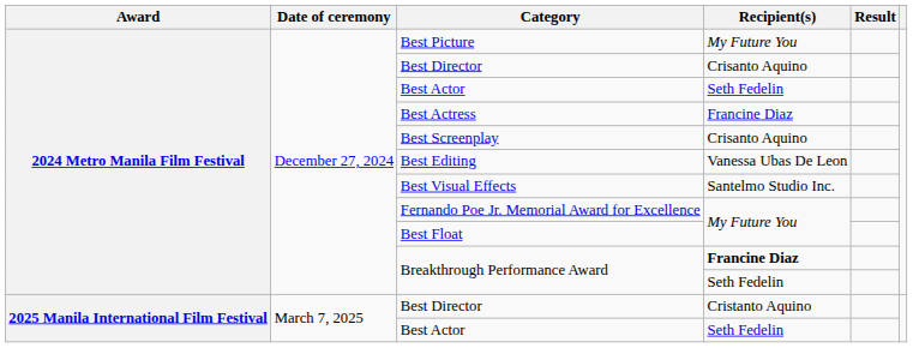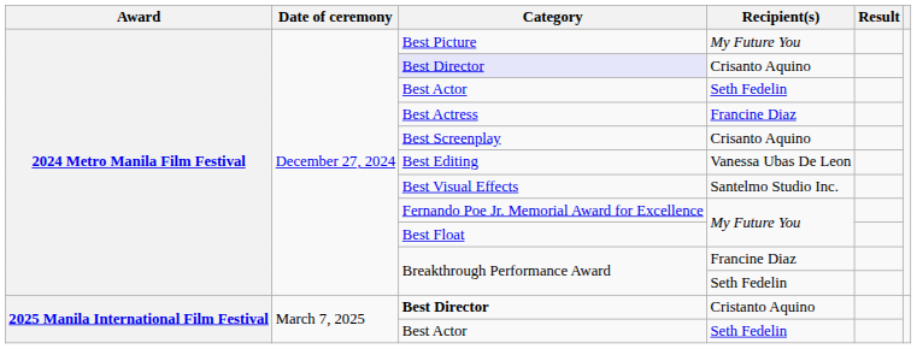 <table class="wikitable sortable plainrowheaders">
 <tr>
 <th scope="col">Award</th>
 <th scope="col" data-sort-type="date">Date of ceremony</th>
 <th scope="col">Category</th>
 <th scope="col">Recipient(s)</th>
 <th scope="col">Result</th>
 <th scope="col" class="unsortable"></th>
 </tr>
 <tr>
 <th scope="row" rowspan="11"><a href='#'>2024 Metro Manila Film Festival</a></th>
 <td rowspan="11"><a href='#'>December 27, 2024</a></td>
 <td><a href='#'>Best Picture</a></td>
 <td><em>My Future You</em></td>
 <td></td>
 <td rowspan="11"></td>
 </tr>
 <tr>
-<td><a href='#'>Best Director</a></td>
+<td style="background: lavender;"><a href='#'>Best Director</a></td>
 <td>Crisanto Aquino</td>
 <td></td>
 </tr>
 <tr>
 <td><a href='#'>Best Actor</a></td>
 <td><a href='#'>Seth Fedelin</a></td>
 <td></td>
 </tr>
 <tr>
 <td><a href='#'>Best Actress</a></td>
 <td><a href='#'>Francine Diaz</a></td>
 <td></td>
 </tr>
 <tr>
 <td><a href='#'>Best Screenplay</a></td>
 <td>Crisanto Aquino</td>
 <td></td>
 </tr>
 <tr>
 <td><a href='#'>Best Editing</a></td>
 <td>Vanessa Ubas De Leon</td>
 <td></td>
 </tr>
 <tr>
 <td><a href='#'>Best Visual Effects</a></td>
 <td>Santelmo Studio Inc.</td>
 <td></td>
 </tr>
 <tr>
 <td><a href='#'>Fernando Poe Jr. Memorial Award for Excellence</a></td>
 <td rowspan="2"><em>My Future You</em></td>
 <td></td>
 </tr>
 <tr>
 <td><a href='#'>Best Float</a></td>
 <td></td>
 </tr>
 <tr>
 <td rowspan="2">Breakthrough Performance Award</td>
-<td><strong>Francine Diaz</strong></td>
+<td>Francine Diaz</td>
 <td></td>
 </tr>
 <tr>
 <td>Seth Fedelin</td>
 <td></td>
 </tr>
 <tr>
 <th scope="row" rowspan="2"><a href='#'>2025 Manila International Film Festival</a></th>
 <td rowspan="2">March 7, 2025</td>
-<td>Best Director</td>
+<td><strong>Best Director</strong></td>
 <td>Cristanto Aquino</td>
 <td></td>
 <td rowspan="2"></td>
 </tr>
 <tr>
 <td>Best Actor</td>
 <td><a href='#'>Seth Fedelin</a></td>
 <td></td>
 </tr>
 </table>
